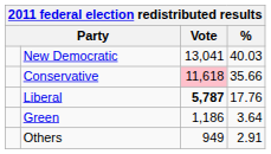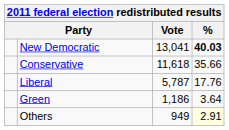 <table class="wikitable">
 <tr>
 <th colspan="4"><a href='#'>2011 federal election</a> redistributed results</th>
 </tr>
 <tr>
 <th bgcolor="#DDDDFF" width="130px" colspan="2">Party</th>
 <th bgcolor="#DDDDFF" width="50px">Vote</th>
 <th bgcolor="#DDDDFF" width="30px">%</th>
 </tr>
 <tr>
 <td> </td>
 <td><a href='#'>New Democratic</a></td>
 <td align=right>13,041</td>
-<td align=right>40.03</td>
+<td align=right><strong>40.03</strong></td>
 </tr>
 <tr>
 <td> </td>
 <td><a href='#'>Conservative</a></td>
-<td align=right style="background: pink;">11,618</td>
+<td align=right>11,618</td>
 <td align=right>35.66</td>
 </tr>
 <tr>
 <td> </td>
 <td><a href='#'>Liberal</a></td>
-<td align=right><strong>5,787</strong></td>
+<td align=right>5,787</td>
 <td align=right>17.76</td>
 </tr>
 <tr>
 <td> </td>
 <td><a href='#'>Green</a></td>
 <td align=right>1,186</td>
 <td align=right>3.64</td>
 </tr>
 <tr>
 <td> </td>
 <td>Others</td>
 <td align=right>949</td>
-<td align=right>2.91</td>
+<td align=right style="background: lightyellow;">2.91</td>
 </tr>
 </table>
